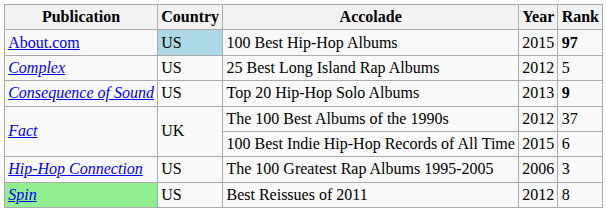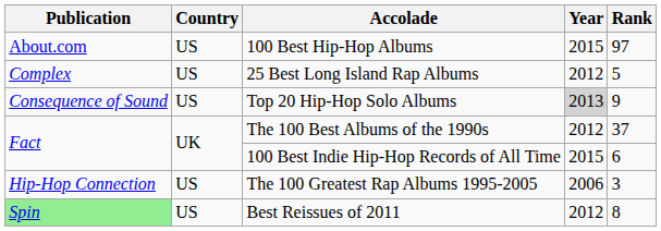 <table class="wikitable">
 <tr>
 <th>Publication</th>
 <th>Country</th>
 <th>Accolade</th>
 <th>Year</th>
 <th>Rank</th>
 </tr>
 <tr>
 <td><a href='#'>About.com</a></td>
-<td style="background: lightblue;">US</td>
+<td>US</td>
 <td>100 Best Hip-Hop Albums</td>
 <td>2015</td>
-<td><strong>97</strong></td>
+<td>97</td>
 </tr>
 <tr>
 <td><em><a href='#'>Complex</a></em></td>
 <td>US</td>
 <td>25 Best Long Island Rap Albums</td>
 <td>2012</td>
 <td>5</td>
 </tr>
 <tr>
 <td><em><a href='#'>Consequence of Sound</a></em></td>
 <td>US</td>
 <td>Top 20 Hip-Hop Solo Albums</td>
-<td>2013</td>
-<td><strong>9</strong></td>
+<td style="background: lightgrey;">2013</td>
+<td>9</td>
 </tr>
 <tr>
 <td rowspan="2"><em><a href='#'>Fact</a></em></td>
 <td rowspan="2">UK</td>
 <td>The 100 Best Albums of the 1990s</td>
 <td>2012</td>
 <td>37</td>
 </tr>
 <tr>
 <td>100 Best Indie Hip-Hop Records of All Time</td>
 <td>2015</td>
 <td>6</td>
 </tr>
 <tr>
 <td><em><a href='#'>Hip-Hop Connection</a></em></td>
 <td>US</td>
 <td>The 100 Greatest Rap Albums 1995-2005</td>
 <td>2006</td>
 <td>3</td>
 </tr>
 <tr>
 <td style="background: lightgreen;"><em><a href='#'>Spin</a></em></td>
 <td>US</td>
 <td>Best Reissues of 2011</td>
 <td>2012</td>
 <td>8</td>
 </tr>
 </table>
